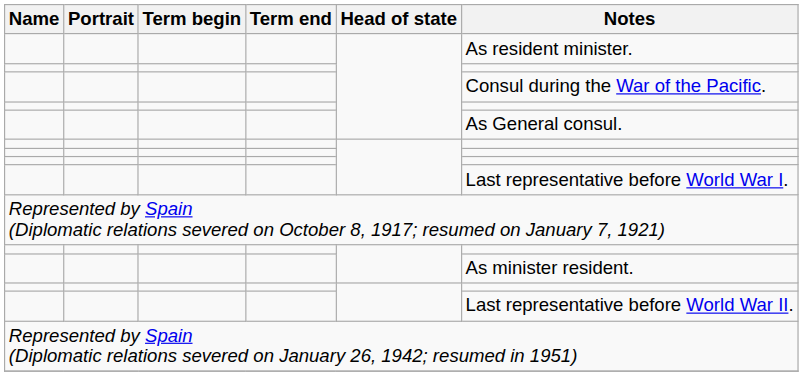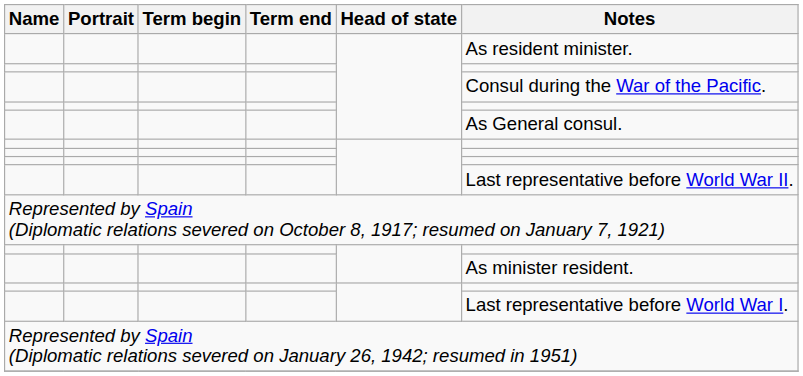 <table class="wikitable sortable"  text-align:center;">
 <tr>
 <th>Name</th>
 <th class="unsortable">Portrait</th>
 <th>Term begin</th>
 <th>Term end</th>
 <th>Head of state</th>
 <th class="unsortable">Notes</th>
 </tr>
 <tr>
 <td></td>
 <td></td>
 <td></td>
 <td></td>
 <td rowspan=5></td>
 <td>As resident minister.</td>
 </tr>
 <tr>
 <td></td>
 <td></td>
 <td></td>
 <td></td>
 <td></td>
 </tr>
 <tr>
 <td></td>
 <td></td>
 <td></td>
 <td></td>
 <td>Consul during the <a href='#'>War of the Pacific</a>.</td>
 </tr>
 <tr>
 <td></td>
 <td></td>
 <td></td>
 <td></td>
 <td></td>
 </tr>
 <tr>
 <td></td>
 <td></td>
 <td></td>
 <td></td>
 <td>As General consul.</td>
 </tr>
 <tr>
 <td></td>
 <td></td>
 <td></td>
 <td></td>
 <td rowspan=4></td>
 <td></td>
 </tr>
 <tr>
 <td></td>
 <td></td>
 <td></td>
 <td></td>
 <td></td>
 </tr>
 <tr>
 <td></td>
 <td></td>
 <td></td>
 <td></td>
 <td></td>
 </tr>
 <tr>
 <td></td>
 <td></td>
 <td></td>
 <td></td>
-<td>Last representative before <a href='#'>World War I</a>.</td>
+<td>Last representative before <a href='#'>World War II</a>.</td>
 </tr>
 <tr>
 <td colspan=6><div><em>Represented by  <a href='#'>Spain</a><br>(Diplomatic relations severed on October 8, 1917; resumed on January 7, 1921)</em></div></td>
 </tr>
 <tr>
 <td></td>
 <td></td>
 <td></td>
 <td></td>
 <td rowspan=2></td>
 <td></td>
 </tr>
 <tr>
 <td></td>
 <td></td>
 <td></td>
 <td></td>
 <td>As minister resident.</td>
 </tr>
 <tr>
 <td></td>
 <td></td>
 <td></td>
 <td></td>
 <td rowspan=2></td>
 <td></td>
 </tr>
 <tr>
 <td></td>
 <td></td>
 <td></td>
 <td></td>
-<td>Last representative before <a href='#'>World War II</a>.</td>
+<td>Last representative before <a href='#'>World War I</a>.</td>
 </tr>
 <tr>
 <td colspan=6><div><em>Represented by  <a href='#'>Spain</a><br>(Diplomatic relations severed on January 26, 1942; resumed in 1951)</em></div></td>
 </tr>
 <tr>
 </tr>
 </table>
